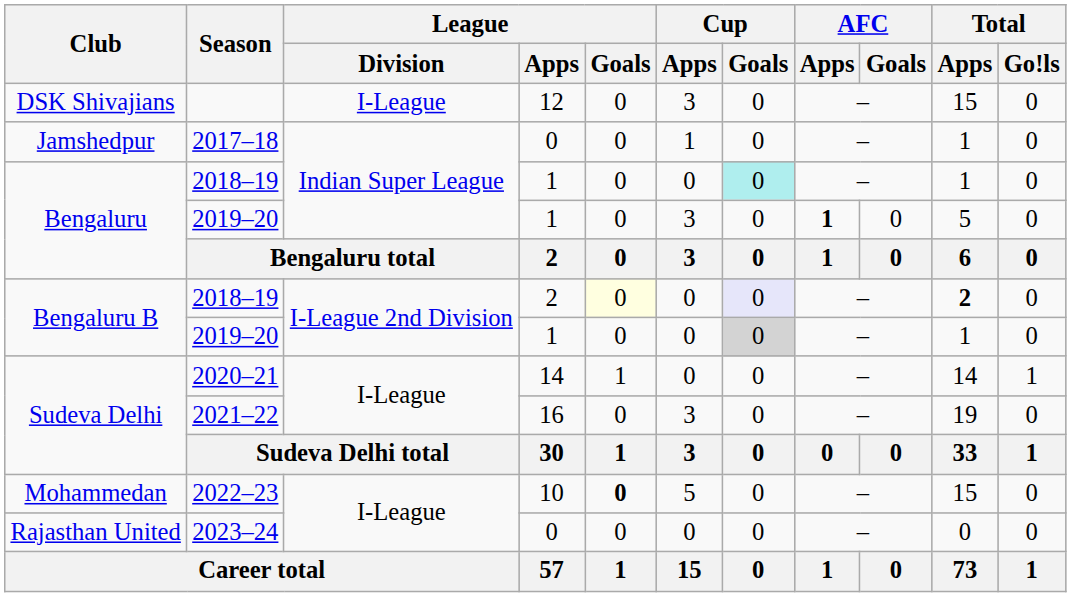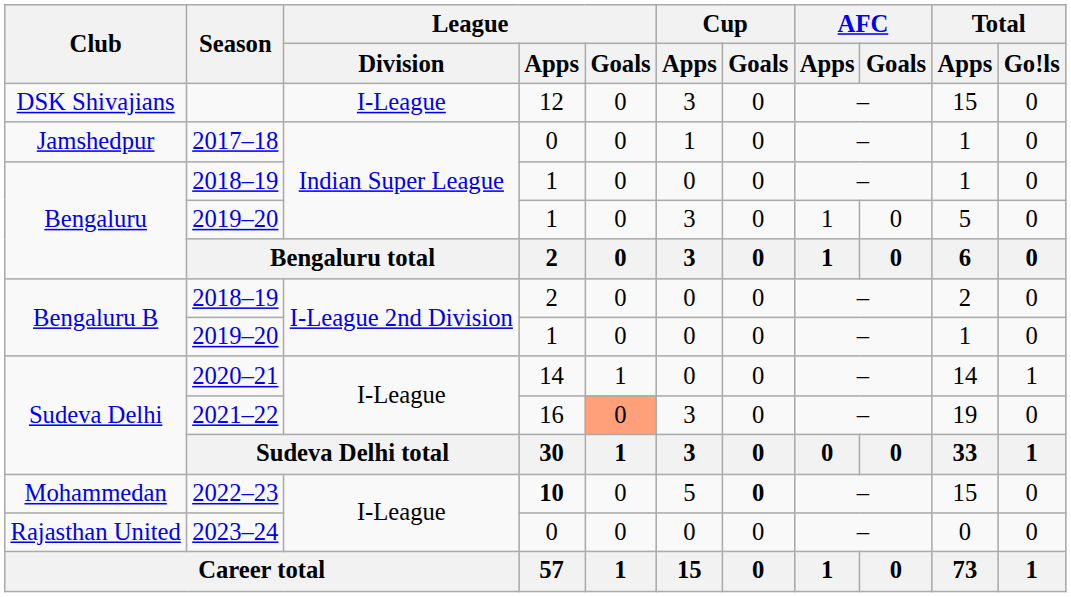 <table class="wikitable" style="text-align: center;">
 <tr>
 <th rowspan="2">Club</th>
 <th rowspan="2">Season</th>
 <th colspan="3">League</th>
 <th colspan="2">Cup</th>
 <th colspan="2"><a href='#'>AFC</a></th>
 <th colspan="2">Total</th>
 </tr>
 <tr>
 <th>Division</th>
 <th>Apps</th>
 <th>Goals</th>
 <th>Apps</th>
 <th>Goals</th>
 <th>Apps</th>
 <th>Goals</th>
 <th>Apps</th>
 <th>Go!ls</th>
 </tr>
 <tr>
 <td rowspan="1"><a href='#'>DSK Shivajians</a></td>
 <td></td>
 <td rowspan="1"><a href='#'>I-League</a></td>
 <td>12</td>
 <td>0</td>
 <td>3</td>
 <td>0</td>
 <td colspan="2">–</td>
 <td>15</td>
 <td>0</td>
 </tr>
 <tr>
 <td rowspan="1"><a href='#'>Jamshedpur</a></td>
 <td><a href='#'>2017–18</a></td>
 <td rowspan="3"><a href='#'>Indian Super League</a></td>
 <td>0</td>
 <td>0</td>
 <td>1</td>
 <td>0</td>
 <td colspan="2">–</td>
 <td>1</td>
 <td>0</td>
 </tr>
 <tr>
 <td rowspan="3"><a href='#'>Bengaluru</a></td>
 <td><a href='#'>2018–19</a></td>
 <td>1</td>
 <td>0</td>
 <td>0</td>
-<td style="background: paleturquoise;">0</td>
+<td>0</td>
 <td colspan="2">–</td>
 <td>1</td>
 <td>0</td>
 </tr>
 <tr>
 <td><a href='#'>2019–20</a></td>
 <td>1</td>
 <td>0</td>
 <td>3</td>
 <td>0</td>
-<td><strong>1</strong></td>
+<td>1</td>
 <td>0</td>
 <td>5</td>
 <td>0</td>
 </tr>
 <tr>
 <th colspan="2">Bengaluru total</th>
 <th>2</th>
 <th>0</th>
 <th>3</th>
 <th>0</th>
 <th>1</th>
 <th>0</th>
 <th>6</th>
 <th>0</th>
 </tr>
 <tr>
 <td rowspan="2"><a href='#'>Bengaluru B</a></td>
 <td><a href='#'>2018–19</a></td>
 <td rowspan="2"><a href='#'>I-League 2nd Division</a></td>
 <td>2</td>
-<td style="background: lightyellow;">0</td>
 <td>0</td>
-<td style="background: lavender;">0</td>
+<td>0</td>
+<td>0</td>
 <td colspan="2">–</td>
-<td><strong>2</strong></td>
+<td>2</td>
 <td>0</td>
 </tr>
 <tr>
 <td><a href='#'>2019–20</a></td>
 <td>1</td>
 <td>0</td>
 <td>0</td>
-<td style="background: lightgrey;">0</td>
+<td>0</td>
 <td colspan="2">–</td>
 <td>1</td>
 <td>0</td>
 </tr>
 <tr>
 <td rowspan="3"><a href='#'>Sudeva Delhi</a></td>
 <td><a href='#'>2020–21</a></td>
 <td rowspan="2">I-League</td>
 <td>14</td>
 <td>1</td>
 <td>0</td>
 <td>0</td>
 <td colspan="2">–</td>
 <td>14</td>
 <td>1</td>
 </tr>
 <tr>
 <td><a href='#'>2021–22</a></td>
 <td>16</td>
-<td>0</td>
+<td style="background: lightsalmon;">0</td>
 <td>3</td>
 <td>0</td>
 <td colspan="2">–</td>
 <td>19</td>
 <td>0</td>
 </tr>
 <tr>
 <th colspan="2">Sudeva Delhi total</th>
 <th>30</th>
 <th>1</th>
 <th>3</th>
 <th>0</th>
 <th>0</th>
 <th>0</th>
 <th>33</th>
 <th>1</th>
 </tr>
 <tr>
 <td rowspan="1"><a href='#'>Mohammedan</a></td>
 <td><a href='#'>2022–23</a></td>
 <td rowspan="2">I-League</td>
-<td>10</td>
+<td><strong>10</strong></td>
+<td>0</td>
+<td>5</td>
 <td><strong>0</strong></td>
-<td>5</td>
-<td>0</td>
 <td colspan="2">–</td>
 <td>15</td>
 <td>0</td>
 </tr>
 <tr>
 <td rowspan="1"><a href='#'>Rajasthan United</a></td>
 <td><a href='#'>2023–24</a></td>
 <td>0</td>
 <td>0</td>
 <td>0</td>
 <td>0</td>
 <td colspan="2">–</td>
 <td>0</td>
 <td>0</td>
 </tr>
 <tr>
 <th colspan="3">Career total</th>
 <th>57</th>
 <th>1</th>
 <th>15</th>
 <th>0</th>
 <th>1</th>
 <th>0</th>
 <th>73</th>
 <th>1</th>
 </tr>
 </table>
